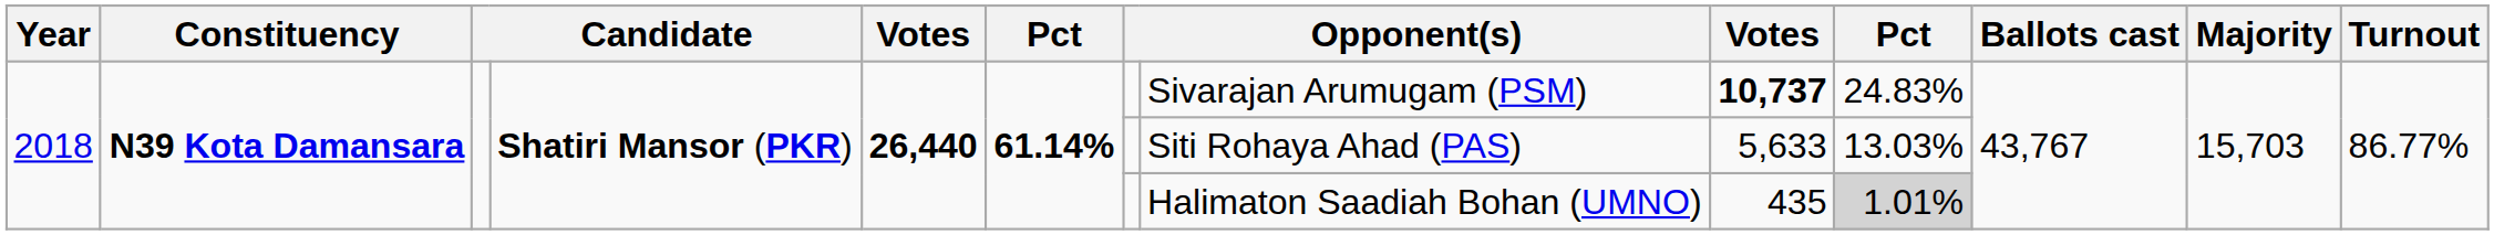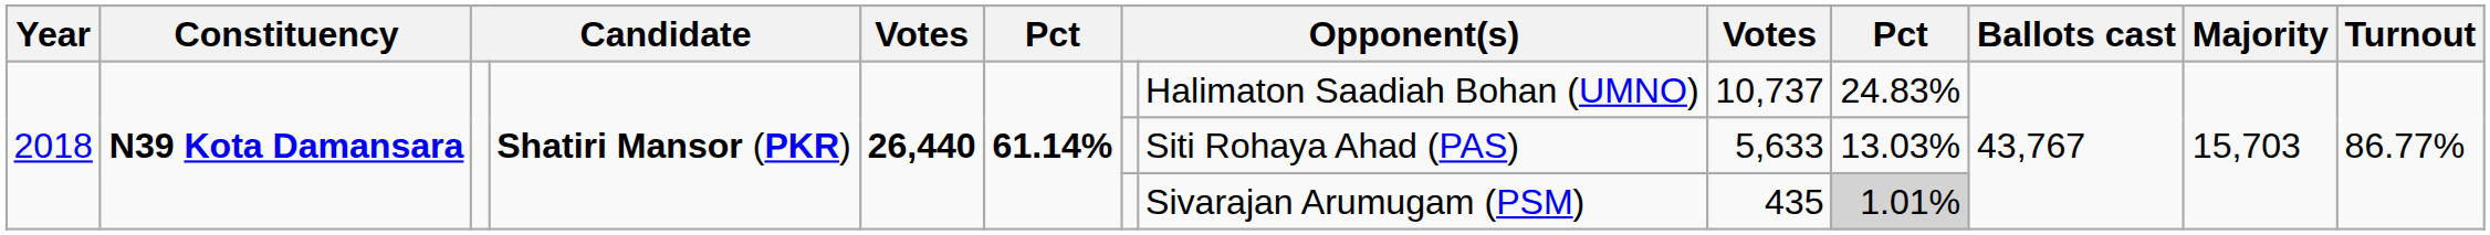 <table class="wikitable" style="margin:0.5em ; font-size:95%">
 <tr>
 <th>Year</th>
 <th>Constituency</th>
 <th colspan=2>Candidate</th>
 <th>Votes</th>
 <th>Pct</th>
 <th colspan=2>Opponent(s)</th>
 <th>Votes</th>
 <th>Pct</th>
 <th>Ballots cast</th>
 <th>Majority</th>
 <th>Turnout</th>
 </tr>
 <tr>
 <td rowspan=3><a href='#'>2018</a></td>
 <td rowspan=3><strong>N39 <a href='#'>Kota Damansara</a></strong></td>
 <td rowspan=3 ></td>
 <td rowspan=3><strong>Shatiri Mansor</strong> (<a href='#'><strong>PKR</strong></a>)</td>
 <td rowspan=3 align=right><strong>26,440</strong></td>
 <td rowspan=3><strong>61.14%</strong></td>
 <td></td>
-<td>Sivarajan Arumugam (<a href='#'>PSM</a>)</td>
-<td align=right><strong>10,737</strong></td>
+<td>Halimaton Saadiah Bohan (<a href='#'>UMNO</a>)</td>
+<td align=right>10,737</td>
 <td>24.83%</td>
 <td rowspan=3>43,767</td>
 <td rowspan=3>15,703</td>
 <td rowspan=3>86.77%</td>
 </tr>
 <tr>
 <td></td>
 <td>Siti Rohaya Ahad (<a href='#'>PAS</a>)</td>
 <td align=right>5,633</td>
 <td>13.03%</td>
 </tr>
 <tr>
 <td bgcolor=></td>
-<td>Halimaton Saadiah Bohan (<a href='#'>UMNO</a>)</td>
+<td>Sivarajan Arumugam (<a href='#'>PSM</a>)</td>
 <td align=right>435</td>
 <td align=right style="background: lightgrey;">1.01%</td>
 </tr>
 </table>
